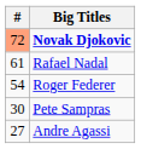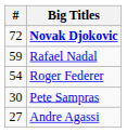 <table class="wikitable" style="display: inline-table;">
 <tr>
 <th width=20>#</th>
 <th>Big Titles</th>
 </tr>
 <tr>
-<td align=center style="background: lightsalmon;">72</td>
+<td align=center>72</td>
 <td> <strong><a href='#'>Novak Djokovic</a></strong></td>
 </tr>
 <tr>
-<td align=center>61</td>
+<td align=center>59</td>
 <td> <a href='#'>Rafael Nadal</a></td>
 </tr>
 <tr>
 <td align=center>54</td>
 <td> <a href='#'>Roger Federer</a></td>
 </tr>
 <tr>
 <td align=center>30</td>
 <td> <a href='#'>Pete Sampras</a></td>
 </tr>
 <tr>
 <td align=center>27</td>
 <td> <a href='#'>Andre Agassi</a></td>
 </tr>
 </table>
